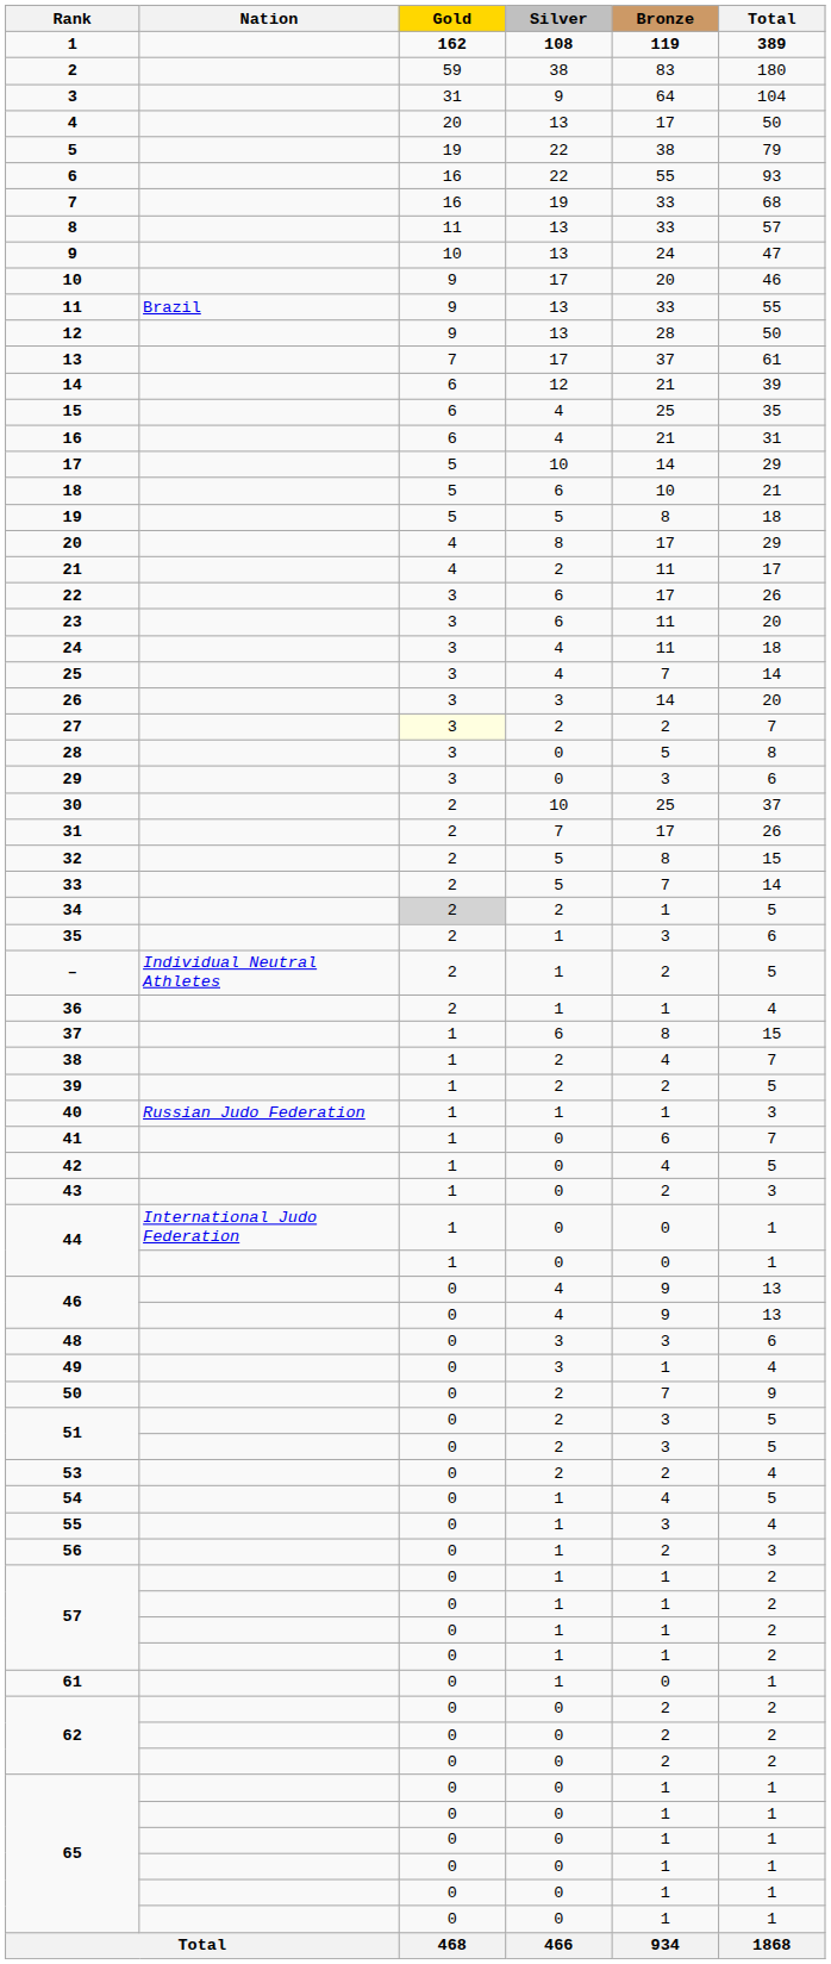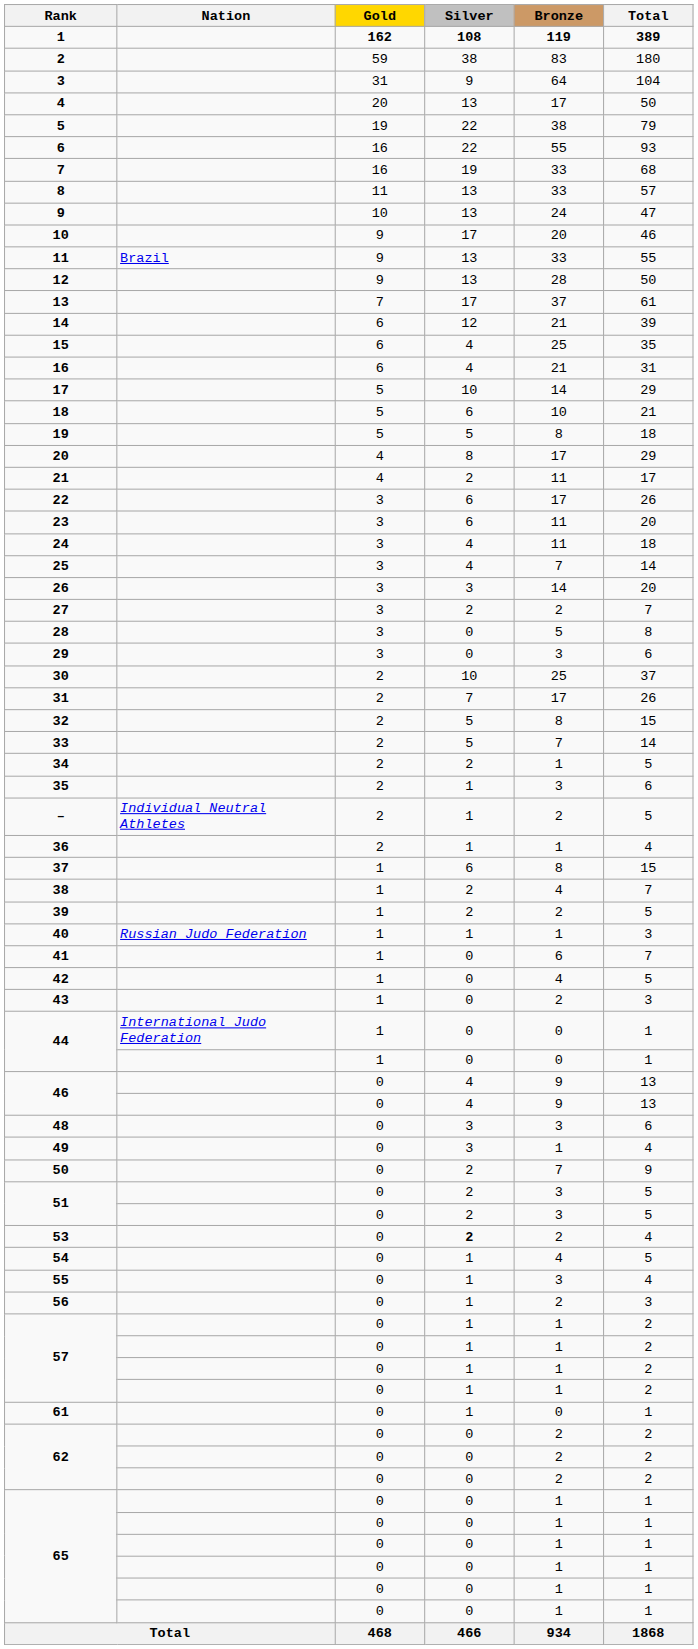 <table class="wikitable collapsible autocollapse plainrowheaders" width=75% style="text-align:center;">
 <tr style="background-color:#EDEDED;">
 <th width=100px class="hintergrundfarbe5">Rank</th>
 <th width=200px class="hintergrundfarbe6">Nation</th>
 <th style="background:    gold; width:13%">Gold</th>
 <th style="background:  silver; width:13%">Silver</th>
 <th style="background: #CC9966; width:13%">Bronze</th>
 <th class="hintergrundfarbe6" style="width:13%">Total</th>
 </tr>
 <tr>
 <td><strong>1</strong></td>
 <td align=left></td>
 <td><strong>162</strong></td>
 <td><strong>108</strong></td>
 <td><strong>119</strong></td>
 <td><strong>389</strong></td>
 </tr>
 <tr>
 <td><strong>2</strong></td>
 <td align=left></td>
 <td>59</td>
 <td>38</td>
 <td>83</td>
 <td>180</td>
 </tr>
 <tr>
 <td><strong>3</strong></td>
 <td align=left></td>
 <td>31</td>
 <td>9</td>
 <td>64</td>
 <td>104</td>
 </tr>
 <tr>
 <td><strong>4</strong></td>
 <td align=left></td>
 <td>20</td>
 <td>13</td>
 <td>17</td>
 <td>50</td>
 </tr>
 <tr>
 <td><strong>5</strong></td>
 <td align=left></td>
 <td>19</td>
 <td>22</td>
 <td>38</td>
 <td>79</td>
 </tr>
 <tr>
 <td><strong>6</strong></td>
 <td align=left></td>
 <td>16</td>
 <td>22</td>
 <td>55</td>
 <td>93</td>
 </tr>
 <tr>
 <td><strong>7</strong></td>
 <td align=left></td>
 <td>16</td>
 <td>19</td>
 <td>33</td>
 <td>68</td>
 </tr>
 <tr>
 <td><strong>8</strong></td>
 <td align=left><em></em></td>
 <td>11</td>
 <td>13</td>
 <td>33</td>
 <td>57</td>
 </tr>
 <tr>
 <td><strong>9</strong></td>
 <td align=left></td>
 <td>10</td>
 <td>13</td>
 <td>24</td>
 <td>47</td>
 </tr>
 <tr>
 <td><strong>10</strong></td>
 <td align=left></td>
 <td>9</td>
 <td>17</td>
 <td>20</td>
 <td>46</td>
 </tr>
 <tr>
 <td><strong>11</strong></td>
 <td align=left> <a href='#'>Brazil</a></td>
 <td>9</td>
 <td>13</td>
 <td>33</td>
 <td>55</td>
 </tr>
 <tr>
 <td><strong>12</strong></td>
 <td align=left></td>
 <td>9</td>
 <td>13</td>
 <td>28</td>
 <td>50</td>
 </tr>
 <tr>
 <td><strong>13</strong></td>
 <td align=left></td>
 <td>7</td>
 <td>17</td>
 <td>37</td>
 <td>61</td>
 </tr>
 <tr>
 <td><strong>14</strong></td>
 <td align=left></td>
 <td>6</td>
 <td>12</td>
 <td>21</td>
 <td>39</td>
 </tr>
 <tr>
 <td><strong>15</strong></td>
 <td align=left></td>
 <td>6</td>
 <td>4</td>
 <td>25</td>
 <td>35</td>
 </tr>
 <tr>
 <td><strong>16</strong></td>
 <td align=left></td>
 <td>6</td>
 <td>4</td>
 <td>21</td>
 <td>31</td>
 </tr>
 <tr>
 <td><strong>17</strong></td>
 <td align=left></td>
 <td>5</td>
 <td>10</td>
 <td>14</td>
 <td>29</td>
 </tr>
 <tr>
 <td><strong>18</strong></td>
 <td align=left></td>
 <td>5</td>
 <td>6</td>
 <td>10</td>
 <td>21</td>
 </tr>
 <tr>
 <td><strong>19</strong></td>
 <td align=left></td>
 <td>5</td>
 <td>5</td>
 <td>8</td>
 <td>18</td>
 </tr>
 <tr>
 <td><strong>20</strong></td>
 <td align=left></td>
 <td>4</td>
 <td>8</td>
 <td>17</td>
 <td>29</td>
 </tr>
 <tr>
 <td><strong>21</strong></td>
 <td align=left></td>
 <td>4</td>
 <td>2</td>
 <td>11</td>
 <td>17</td>
 </tr>
 <tr>
 <td><strong>22</strong></td>
 <td align=left></td>
 <td>3</td>
 <td>6</td>
 <td>17</td>
 <td>26</td>
 </tr>
 <tr>
 <td><strong>23</strong></td>
 <td align=left></td>
 <td>3</td>
 <td>6</td>
 <td>11</td>
 <td>20</td>
 </tr>
 <tr>
 <td><strong>24</strong></td>
 <td align=left></td>
 <td>3</td>
 <td>4</td>
 <td>11</td>
 <td>18</td>
 </tr>
 <tr>
 <td><strong>25</strong></td>
 <td align=left></td>
 <td>3</td>
 <td>4</td>
 <td>7</td>
 <td>14</td>
 </tr>
 <tr>
 <td><strong>26</strong></td>
 <td align=left><em></em></td>
 <td>3</td>
 <td>3</td>
 <td>14</td>
 <td>20</td>
 </tr>
 <tr>
 <td><strong>27</strong></td>
 <td align=left></td>
-<td style="background: lightyellow;">3</td>
+<td>3</td>
 <td>2</td>
 <td>2</td>
 <td>7</td>
 </tr>
 <tr>
 <td><strong>28</strong></td>
 <td align=left></td>
 <td>3</td>
 <td>0</td>
 <td>5</td>
 <td>8</td>
 </tr>
 <tr>
 <td><strong>29</strong></td>
 <td align=left></td>
 <td>3</td>
 <td>0</td>
 <td>3</td>
 <td>6</td>
 </tr>
 <tr>
 <td><strong>30</strong></td>
 <td align=left><em></em></td>
 <td>2</td>
 <td>10</td>
 <td>25</td>
 <td>37</td>
 </tr>
 <tr>
 <td><strong>31</strong></td>
 <td align=left></td>
 <td>2</td>
 <td>7</td>
 <td>17</td>
 <td>26</td>
 </tr>
 <tr>
 <td><strong>32</strong></td>
 <td align=left></td>
 <td>2</td>
 <td>5</td>
 <td>8</td>
 <td>15</td>
 </tr>
 <tr>
 <td><strong>33</strong></td>
 <td align=left></td>
 <td>2</td>
 <td>5</td>
 <td>7</td>
 <td>14</td>
 </tr>
 <tr>
 <td><strong>34</strong></td>
 <td align=left></td>
-<td style="background: lightgrey;">2</td>
+<td>2</td>
 <td>2</td>
 <td>1</td>
 <td>5</td>
 </tr>
 <tr>
 <td><strong>35</strong></td>
 <td align=left></td>
 <td>2</td>
 <td>1</td>
 <td>3</td>
 <td>6</td>
 </tr>
 <tr>
 <td><strong>–</strong></td>
 <td align=left><em><a href='#'>Individual Neutral Athletes</a></em></td>
 <td>2</td>
 <td>1</td>
 <td>2</td>
 <td>5</td>
 </tr>
 <tr>
 <td><strong>36</strong></td>
 <td align=left></td>
 <td>2</td>
 <td>1</td>
 <td>1</td>
 <td>4</td>
 </tr>
 <tr>
 <td><strong>37</strong></td>
 <td align=left></td>
 <td>1</td>
 <td>6</td>
 <td>8</td>
 <td>15</td>
 </tr>
 <tr>
 <td><strong>38</strong></td>
 <td align=left></td>
 <td>1</td>
 <td>2</td>
 <td>4</td>
 <td>7</td>
 </tr>
 <tr>
 <td><strong>39</strong></td>
 <td align=left></td>
 <td>1</td>
 <td>2</td>
 <td>2</td>
 <td>5</td>
 </tr>
 <tr>
 <td><strong>40</strong></td>
 <td align=left> <em><a href='#'>Russian Judo Federation</a></em></td>
 <td>1</td>
 <td>1</td>
 <td>1</td>
 <td>3</td>
 </tr>
 <tr>
 <td><strong>41</strong></td>
 <td align=left></td>
 <td>1</td>
 <td>0</td>
 <td>6</td>
 <td>7</td>
 </tr>
 <tr>
 <td><strong>42</strong></td>
 <td align=left></td>
 <td>1</td>
 <td>0</td>
 <td>4</td>
 <td>5</td>
 </tr>
 <tr>
 <td><strong>43</strong></td>
 <td align=left><em></em></td>
 <td>1</td>
 <td>0</td>
 <td>2</td>
 <td>3</td>
 </tr>
 <tr>
 <td rowspan=2><strong>44</strong></td>
 <td align=left><em><a href='#'>International Judo Federation</a></em></td>
 <td>1</td>
 <td>0</td>
 <td>0</td>
 <td>1</td>
 </tr>
 <tr>
 <td align=left></td>
 <td>1</td>
 <td>0</td>
 <td>0</td>
 <td>1</td>
 </tr>
 <tr>
 <td rowspan=2><strong>46</strong></td>
 <td align=left></td>
 <td>0</td>
 <td>4</td>
 <td>9</td>
 <td>13</td>
 </tr>
 <tr>
 <td align=left></td>
 <td>0</td>
 <td>4</td>
 <td>9</td>
 <td>13</td>
 </tr>
 <tr>
 <td><strong>48</strong></td>
 <td align=left></td>
 <td>0</td>
 <td>3</td>
 <td>3</td>
 <td>6</td>
 </tr>
 <tr>
 <td><strong>49</strong></td>
 <td align=left></td>
 <td>0</td>
 <td>3</td>
 <td>1</td>
 <td>4</td>
 </tr>
 <tr>
 <td><strong>50</strong></td>
 <td align=left></td>
 <td>0</td>
 <td>2</td>
 <td>7</td>
 <td>9</td>
 </tr>
 <tr>
 <td rowspan=2><strong>51</strong></td>
 <td align=left></td>
 <td>0</td>
 <td>2</td>
 <td>3</td>
 <td>5</td>
 </tr>
 <tr>
 <td align=left></td>
 <td>0</td>
 <td>2</td>
 <td>3</td>
 <td>5</td>
 </tr>
 <tr>
 <td><strong>53</strong></td>
 <td align=left><em></em></td>
 <td>0</td>
-<td>2</td>
+<td><strong>2</strong></td>
 <td>2</td>
 <td>4</td>
 </tr>
 <tr>
 <td><strong>54</strong></td>
 <td align=left></td>
 <td>0</td>
 <td>1</td>
 <td>4</td>
 <td>5</td>
 </tr>
 <tr>
 <td><strong>55</strong></td>
 <td align=left></td>
 <td>0</td>
 <td>1</td>
 <td>3</td>
 <td>4</td>
 </tr>
 <tr>
 <td><strong>56</strong></td>
 <td align=left></td>
 <td>0</td>
 <td>1</td>
 <td>2</td>
 <td>3</td>
 </tr>
 <tr>
 <td rowspan=4><strong>57</strong></td>
 <td align=left></td>
 <td>0</td>
 <td>1</td>
 <td>1</td>
 <td>2</td>
 </tr>
 <tr>
 <td align=left></td>
 <td>0</td>
 <td>1</td>
 <td>1</td>
 <td>2</td>
 </tr>
 <tr>
 <td align=left></td>
 <td>0</td>
 <td>1</td>
 <td>1</td>
 <td>2</td>
 </tr>
 <tr>
 <td align=left></td>
 <td>0</td>
 <td>1</td>
 <td>1</td>
 <td>2</td>
 </tr>
 <tr>
 <td><strong>61</strong></td>
 <td align=left></td>
 <td>0</td>
 <td>1</td>
 <td>0</td>
 <td>1</td>
 </tr>
 <tr>
 <td rowspan=3><strong>62</strong></td>
 <td align=left></td>
 <td>0</td>
 <td>0</td>
 <td>2</td>
 <td>2</td>
 </tr>
 <tr>
 <td align=left></td>
 <td>0</td>
 <td>0</td>
 <td>2</td>
 <td>2</td>
 </tr>
 <tr>
 <td align=left></td>
 <td>0</td>
 <td>0</td>
 <td>2</td>
 <td>2</td>
 </tr>
 <tr>
 <td rowspan=6><strong>65</strong></td>
 <td align=left></td>
 <td>0</td>
 <td>0</td>
 <td>1</td>
 <td>1</td>
 </tr>
 <tr>
 <td align=left></td>
 <td>0</td>
 <td>0</td>
 <td>1</td>
 <td>1</td>
 </tr>
 <tr>
 <td align=left></td>
 <td>0</td>
 <td>0</td>
 <td>1</td>
 <td>1</td>
 </tr>
 <tr>
 <td align=left></td>
 <td>0</td>
 <td>0</td>
 <td>1</td>
 <td>1</td>
 </tr>
 <tr>
 <td align=left></td>
 <td>0</td>
 <td>0</td>
 <td>1</td>
 <td>1</td>
 </tr>
 <tr>
 <td align=left><em></em></td>
 <td>0</td>
 <td>0</td>
 <td>1</td>
 <td>1</td>
 </tr>
 <tr class="sortbottom">
 <th colspan=2>Total</th>
 <th>468</th>
 <th>466</th>
 <th>934</th>
 <th>1868</th>
 </tr>
 </table>
